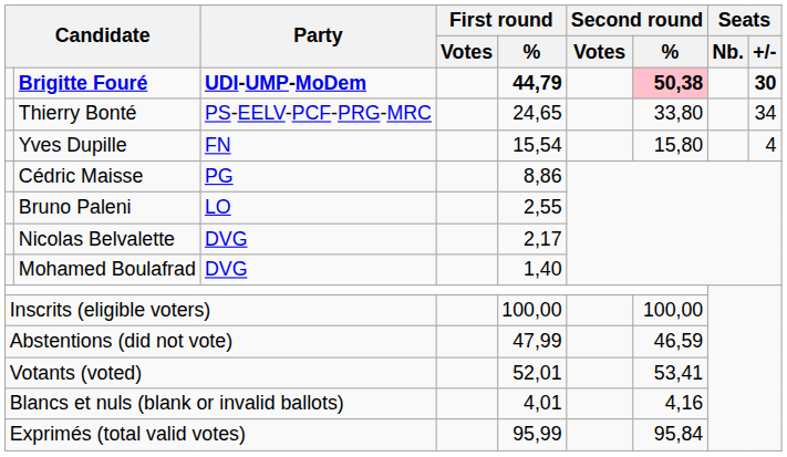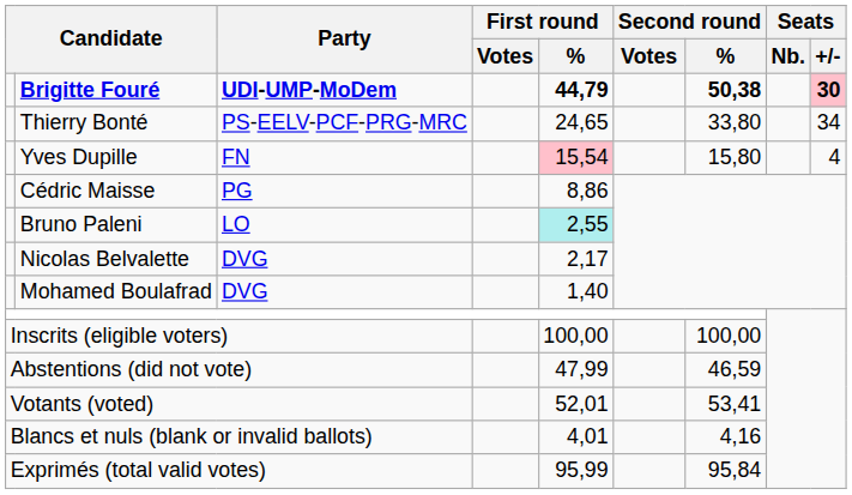 <table class="wikitable centre">
 <tr>
 <th scope="col" rowspan=2 colspan=2>Candidate</th>
 <th scope="col" rowspan=2 colspan=1>Party</th>
 <th scope="col" colspan=2>First round</th>
 <th scope="col" colspan=2>Second round</th>
 <th scope="col" colspan=2>Seats</th>
 </tr>
 <tr>
 <th scope="col">Votes</th>
 <th scope="col">%</th>
 <th scope="col">Votes</th>
 <th scope="col">%</th>
 <th scope="col">Nb.</th>
 <th scope="col">+/-</th>
 </tr>
 <tr>
 <td style="color:inherit;background:"></td>
 <td><strong><a href='#'>Brigitte Fouré</a></strong></td>
 <td><strong><a href='#'>UDI</a>-<a href='#'>UMP</a>-<a href='#'>MoDem</a></strong></td>
 <td style="text-align: right"><strong></strong></td>
 <td style="text-align: right"><strong>44,79</strong></td>
 <td style="text-align: right"><strong></strong></td>
-<td style="background: pink; text-align: right"><strong>50,38</strong></td>
+<td style="text-align: right"><strong>50,38</strong></td>
 <td style="text-align: right"><strong></strong></td>
-<td style="text-align: right"><strong> 30</strong></td>
+<td style="background: pink; text-align: right"><strong> 30</strong></td>
 </tr>
 <tr>
 <td style="color:inherit;background:"></td>
 <td>Thierry Bonté</td>
 <td><a href='#'>PS</a>-<a href='#'>EELV</a>-<a href='#'>PCF</a>-<a href='#'>PRG</a>-<a href='#'>MRC</a></td>
 <td style="text-align: right"></td>
 <td style="text-align: right">24,65</td>
 <td style="text-align: right"></td>
 <td style="text-align: right">33,80</td>
 <td style="text-align: right"></td>
 <td style="text-align: right"> 34</td>
 </tr>
 <tr>
 <td style="color:inherit;background:"></td>
 <td>Yves Dupille</td>
 <td><a href='#'>FN</a></td>
 <td style="text-align: right"></td>
-<td style="text-align: right">15,54</td>
+<td style="background: pink; text-align: right">15,54</td>
 <td style="text-align: right"></td>
 <td style="text-align: right">15,80</td>
 <td style="text-align: right"></td>
 <td style="text-align: right"> 4</td>
 </tr>
 <tr>
 <td style="color:inherit;background:"></td>
 <td>Cédric Maisse</td>
 <td><a href='#'>PG</a></td>
 <td style="text-align: right"></td>
 <td style="text-align: right">8,86</td>
 <td colspan=9 rowspan=4></td>
 </tr>
 <tr>
 <td style="color:inherit;background:"></td>
 <td>Bruno Paleni</td>
 <td><a href='#'>LO</a></td>
 <td style="text-align: right"></td>
-<td style="text-align: right">2,55</td>
+<td style="background: paleturquoise; text-align: right">2,55</td>
 </tr>
 <tr>
 <td style="color:inherit;background:"></td>
 <td>Nicolas Belvalette</td>
 <td><a href='#'>DVG</a></td>
 <td style="text-align: right"></td>
 <td style="text-align: right">2,17</td>
 </tr>
 <tr>
 <td style="color:inherit;background:"></td>
 <td>Mohamed Boulafrad</td>
 <td><a href='#'>DVG</a></td>
 <td style="text-align: right"></td>
 <td style="text-align: right">1,40</td>
 </tr>
 <tr bgcolor=white>
 <td colspan=7></td>
 </tr>
 <tr>
 <td colspan=3>Inscrits (eligible voters)</td>
 <td style="text-align: right"></td>
 <td style="text-align: right">100,00</td>
 <td style="text-align: right"></td>
 <td style="text-align: right">100,00</td>
 </tr>
 <tr>
 <td colspan=3>Abstentions (did not vote)</td>
 <td style="text-align: right"></td>
 <td style="text-align: right">47,99</td>
 <td style="text-align: right"></td>
 <td style="text-align: right">46,59</td>
 </tr>
 <tr>
 <td colspan=3>Votants (voted)</td>
 <td style="text-align: right"></td>
 <td style="text-align: right">52,01</td>
 <td style="text-align: right"></td>
 <td style="text-align: right">53,41</td>
 </tr>
 <tr>
 <td colspan=3>Blancs et nuls (blank or invalid ballots)</td>
 <td style="text-align: right"></td>
 <td style="text-align: right">4,01</td>
 <td style="text-align: right"></td>
 <td style="text-align: right">4,16</td>
 </tr>
 <tr>
 <td colspan=3>Exprimés (total valid votes)</td>
 <td style="text-align: right"></td>
 <td style="text-align: right">95,99</td>
 <td style="text-align: right"></td>
 <td style="text-align: right">95,84</td>
 </tr>
 </table>
